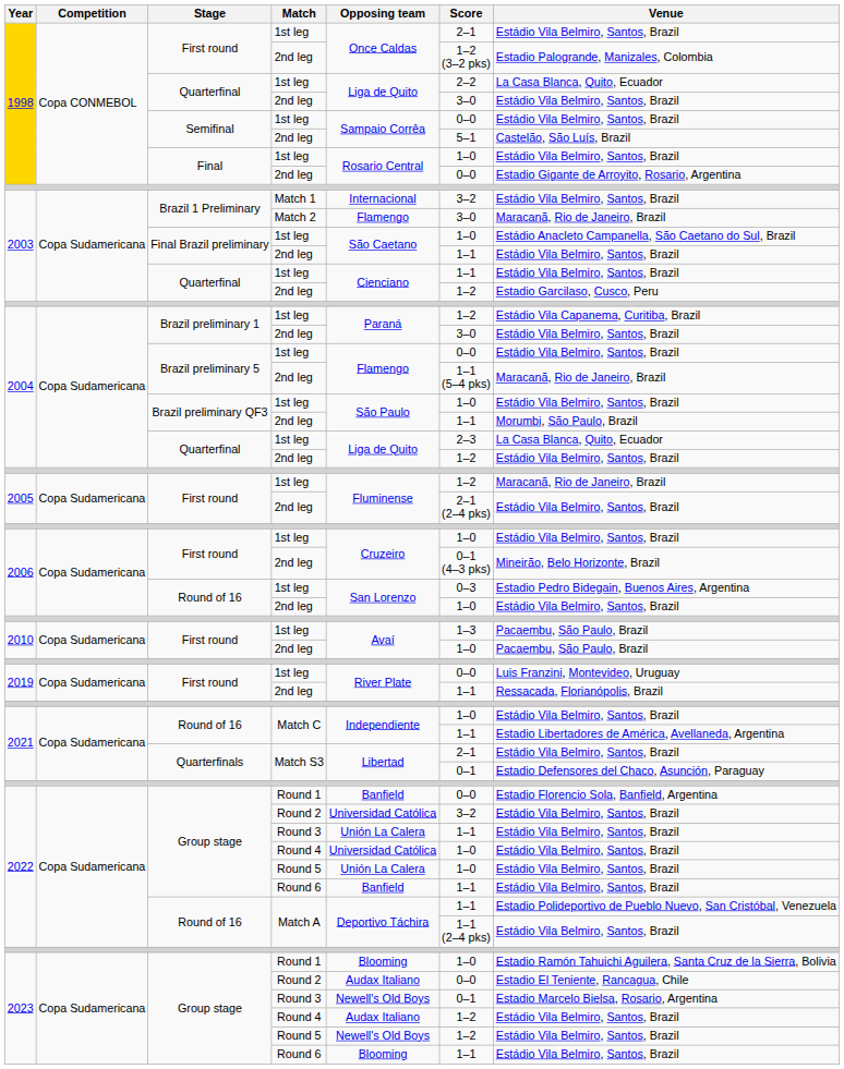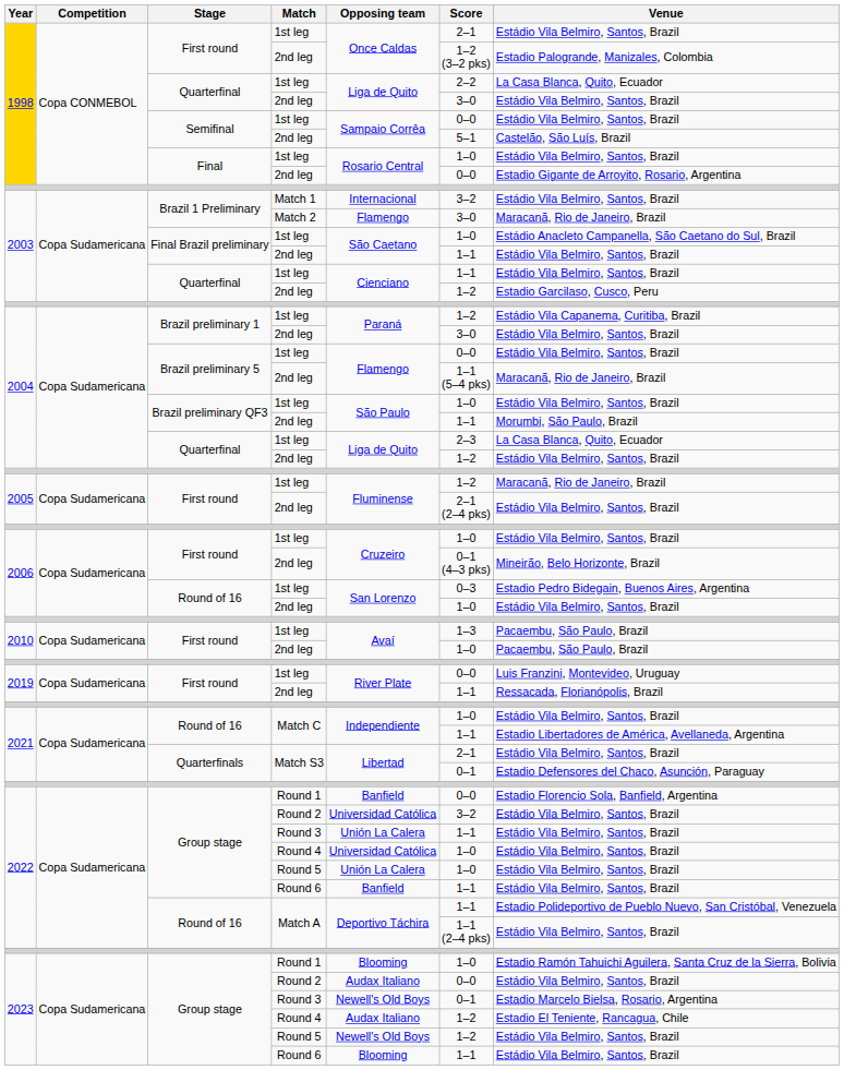 <table class="wikitable" style="font–size: 90%; text–align:left">
 <tr>
 <th>Year</th>
 <th>Competition</th>
 <th>Stage</th>
 <th>Match</th>
 <th>Opposing team</th>
 <th>Score</th>
 <th>Venue</th>
 </tr>
 <tr>
 <td bgcolor=gold rowspan=8><a href='#'>1998</a></td>
 <td rowspan=8>Copa CONMEBOL</td>
 <td rowspan=2 align=center>First round</td>
 <td>1st leg</td>
 <td rowspan=2 align=center> <a href='#'>Once Caldas</a></td>
 <td align=center>2–1</td>
 <td><a href='#'>Estádio Vila Belmiro</a>, <a href='#'>Santos</a>, Brazil</td>
 </tr>
 <tr>
 <td>2nd leg</td>
 <td align=center>1–2<br>(3–2 pks)</td>
 <td><a href='#'>Estadio Palogrande</a>, <a href='#'>Manizales</a>, Colombia</td>
 </tr>
 <tr>
 <td rowspan=2 align=center>Quarterfinal</td>
 <td>1st leg</td>
 <td rowspan=2 align=center> <a href='#'>Liga de Quito</a></td>
 <td align=center>2–2</td>
 <td><a href='#'>La Casa Blanca</a>, <a href='#'>Quito</a>, Ecuador</td>
 </tr>
 <tr>
 <td>2nd leg</td>
 <td align=center>3–0</td>
 <td><a href='#'>Estádio Vila Belmiro</a>, <a href='#'>Santos</a>, Brazil</td>
 </tr>
 <tr>
 <td rowspan=2 align=center>Semifinal</td>
 <td>1st leg</td>
 <td rowspan=2 align=center> <a href='#'>Sampaio Corrêa</a></td>
 <td align=center>0–0</td>
 <td><a href='#'>Estádio Vila Belmiro</a>, <a href='#'>Santos</a>, Brazil</td>
 </tr>
 <tr>
 <td>2nd leg</td>
 <td align=center>5–1</td>
 <td><a href='#'>Castelão</a>, <a href='#'>São Luís</a>, Brazil</td>
 </tr>
 <tr>
 <td rowspan=2 align=center>Final</td>
 <td>1st leg</td>
 <td rowspan=2 align=center> <a href='#'>Rosario Central</a></td>
 <td align=center>1–0</td>
 <td><a href='#'>Estádio Vila Belmiro</a>, <a href='#'>Santos</a>, Brazil</td>
 </tr>
 <tr>
 <td>2nd leg</td>
 <td align=center>0–0</td>
 <td><a href='#'>Estadio Gigante de Arroyito</a>, <a href='#'>Rosario</a>, Argentina</td>
 </tr>
 <tr>
 <td style="background-color:lightgrey" colspan=7></td>
 </tr>
 <tr>
 <td rowspan=6><a href='#'>2003</a></td>
 <td rowspan=6>Copa Sudamericana</td>
 <td rowspan=2 align=center>Brazil 1 Preliminary</td>
 <td>Match 1</td>
 <td align=center> <a href='#'>Internacional</a></td>
 <td align=center>3–2</td>
 <td><a href='#'>Estádio Vila Belmiro</a>, <a href='#'>Santos</a>, Brazil</td>
 </tr>
 <tr>
 <td>Match 2</td>
 <td align=center> <a href='#'>Flamengo</a></td>
 <td align=center>3–0</td>
 <td><a href='#'>Maracanã</a>, <a href='#'>Rio de Janeiro</a>, Brazil</td>
 </tr>
 <tr>
 <td rowspan=2 align=center>Final Brazil preliminary</td>
 <td>1st leg</td>
 <td rowspan=2 align=center> <a href='#'>São Caetano</a></td>
 <td align=center>1–0</td>
 <td><a href='#'>Estádio Anacleto Campanella</a>, <a href='#'>São Caetano do Sul</a>, Brazil</td>
 </tr>
 <tr>
 <td>2nd leg</td>
 <td align=center>1–1</td>
 <td><a href='#'>Estádio Vila Belmiro</a>, <a href='#'>Santos</a>, Brazil</td>
 </tr>
 <tr>
 <td rowspan=2 align=center>Quarterfinal</td>
 <td>1st leg</td>
 <td rowspan=2 align=center> <a href='#'>Cienciano</a></td>
 <td align=center>1–1</td>
 <td><a href='#'>Estádio Vila Belmiro</a>, <a href='#'>Santos</a>, Brazil</td>
 </tr>
 <tr>
 <td>2nd leg</td>
 <td align=center>1–2</td>
 <td><a href='#'>Estadio Garcilaso</a>, <a href='#'>Cusco</a>, Peru</td>
 </tr>
 <tr>
 <td style="background-color:lightgrey" colspan=7></td>
 </tr>
 <tr>
 <td rowspan=8><a href='#'>2004</a></td>
 <td rowspan=8>Copa Sudamericana</td>
 <td rowspan=2 align=center>Brazil preliminary 1</td>
 <td>1st leg</td>
 <td rowspan=2 align=center> <a href='#'>Paraná</a></td>
 <td align=center>1–2</td>
 <td><a href='#'>Estádio Vila Capanema</a>, <a href='#'>Curitiba</a>, Brazil</td>
 </tr>
 <tr>
 <td>2nd leg</td>
 <td align=center>3–0</td>
 <td><a href='#'>Estádio Vila Belmiro</a>, <a href='#'>Santos</a>, Brazil</td>
 </tr>
 <tr>
 <td rowspan=2 align=center>Brazil preliminary 5</td>
 <td>1st leg</td>
 <td rowspan=2 align=center> <a href='#'>Flamengo</a></td>
 <td align=center>0–0</td>
 <td><a href='#'>Estádio Vila Belmiro</a>, <a href='#'>Santos</a>, Brazil</td>
 </tr>
 <tr>
 <td>2nd leg</td>
 <td align=center>1–1<br>(5–4 pks)</td>
 <td><a href='#'>Maracanã</a>, <a href='#'>Rio de Janeiro</a>, Brazil</td>
 </tr>
 <tr>
 <td rowspan=2 align=center>Brazil preliminary QF3</td>
 <td>1st leg</td>
 <td rowspan=2 align=center> <a href='#'>São Paulo</a></td>
 <td align=center>1–0</td>
 <td><a href='#'>Estádio Vila Belmiro</a>, <a href='#'>Santos</a>, Brazil</td>
 </tr>
 <tr>
 <td>2nd leg</td>
 <td align=center>1–1</td>
 <td><a href='#'>Morumbi</a>, <a href='#'>São Paulo</a>, Brazil</td>
 </tr>
 <tr>
 <td rowspan=2 align=center>Quarterfinal</td>
 <td>1st leg</td>
 <td rowspan=2 align=center> <a href='#'>Liga de Quito</a></td>
 <td align=center>2–3</td>
 <td><a href='#'>La Casa Blanca</a>, <a href='#'>Quito</a>, Ecuador</td>
 </tr>
 <tr>
 <td>2nd leg</td>
 <td align=center>1–2</td>
 <td><a href='#'>Estádio Vila Belmiro</a>, <a href='#'>Santos</a>, Brazil</td>
 </tr>
 <tr>
 <td style="background-color:lightgrey" colspan=7></td>
 </tr>
 <tr>
 <td rowspan=2><a href='#'>2005</a></td>
 <td rowspan=2>Copa Sudamericana</td>
 <td rowspan=2 align=center>First round</td>
 <td>1st leg</td>
 <td rowspan=2 align=center> <a href='#'>Fluminense</a></td>
 <td align=center>1–2</td>
 <td><a href='#'>Maracanã</a>, <a href='#'>Rio de Janeiro</a>, Brazil</td>
 </tr>
 <tr>
 <td>2nd leg</td>
 <td align=center>2–1<br>(2–4 pks)</td>
 <td><a href='#'>Estádio Vila Belmiro</a>, <a href='#'>Santos</a>, Brazil</td>
 </tr>
 <tr>
 <td style="background-color:lightgrey" colspan=7></td>
 </tr>
 <tr>
 <td rowspan=4><a href='#'>2006</a></td>
 <td rowspan=4>Copa Sudamericana</td>
 <td rowspan=2 align=center>First round</td>
 <td>1st leg</td>
 <td rowspan=2 align=center> <a href='#'>Cruzeiro</a></td>
 <td align=center>1–0</td>
 <td><a href='#'>Estádio Vila Belmiro</a>, <a href='#'>Santos</a>, Brazil</td>
 </tr>
 <tr>
 <td>2nd leg</td>
 <td align=center>0–1<br>(4–3 pks)</td>
 <td><a href='#'>Mineirão</a>, <a href='#'>Belo Horizonte</a>, Brazil</td>
 </tr>
 <tr>
 <td rowspan=2 align=center>Round of 16</td>
 <td>1st leg</td>
 <td rowspan=2 align=center> <a href='#'>San Lorenzo</a></td>
 <td align=center>0–3</td>
 <td><a href='#'>Estadio Pedro Bidegain</a>, <a href='#'>Buenos Aires</a>, Argentina</td>
 </tr>
 <tr>
 <td>2nd leg</td>
 <td align=center>1–0</td>
 <td><a href='#'>Estádio Vila Belmiro</a>, <a href='#'>Santos</a>, Brazil</td>
 </tr>
 <tr>
 <td style="background-color:lightgrey" colspan=7></td>
 </tr>
 <tr>
 <td rowspan=2><a href='#'>2010</a></td>
 <td rowspan=2>Copa Sudamericana</td>
 <td rowspan=2 align=center>First round</td>
 <td>1st leg</td>
 <td rowspan=2 align=center> <a href='#'>Avaí</a></td>
 <td align=center>1–3</td>
 <td><a href='#'>Pacaembu</a>, <a href='#'>São Paulo</a>, Brazil</td>
 </tr>
 <tr>
 <td>2nd leg</td>
 <td align=center>1–0</td>
 <td><a href='#'>Pacaembu</a>, <a href='#'>São Paulo</a>, Brazil</td>
 </tr>
 <tr>
 <td style="background-color:lightgrey" colspan=7></td>
 </tr>
 <tr>
 <td rowspan=2><a href='#'>2019</a></td>
 <td rowspan=2>Copa Sudamericana</td>
 <td rowspan=2 align=center>First round</td>
 <td>1st leg</td>
 <td rowspan=2 align=center> <a href='#'>River Plate</a></td>
 <td align=center>0–0</td>
 <td><a href='#'>Luis Franzini</a>, <a href='#'>Montevideo</a>, Uruguay</td>
 </tr>
 <tr>
 <td>2nd leg</td>
 <td align=center>1–1</td>
 <td><a href='#'>Ressacada</a>, <a href='#'>Florianópolis</a>, Brazil</td>
 </tr>
 <tr>
 <td style="background-color:lightgrey" colspan=7></td>
 </tr>
 <tr>
 <td rowspan=4><a href='#'>2021</a></td>
 <td rowspan=4>Copa Sudamericana</td>
 <td rowspan=2 align=center>Round of 16</td>
 <td rowspan=2 align=center>Match C</td>
 <td rowspan=2 align=center> <a href='#'>Independiente</a></td>
 <td align=center>1–0</td>
 <td><a href='#'>Estádio Vila Belmiro</a>, <a href='#'>Santos</a>, Brazil</td>
 </tr>
 <tr>
 <td align=center>1–1</td>
 <td><a href='#'>Estadio Libertadores de América</a>, <a href='#'>Avellaneda</a>, Argentina</td>
 </tr>
 <tr>
 <td rowspan=2 align=center>Quarterfinals</td>
 <td rowspan=2 align=center>Match S3</td>
 <td rowspan=2 align=center> <a href='#'>Libertad</a></td>
 <td align=center>2–1</td>
 <td><a href='#'>Estádio Vila Belmiro</a>, <a href='#'>Santos</a>, Brazil</td>
 </tr>
 <tr>
 <td align=center>0–1</td>
 <td><a href='#'>Estadio Defensores del Chaco</a>, <a href='#'>Asunción</a>, Paraguay</td>
 </tr>
 <tr>
 <td style="background-color:lightgrey" colspan=7></td>
 </tr>
 <tr>
 <td rowspan=8><a href='#'>2022</a></td>
 <td rowspan=8>Copa Sudamericana</td>
 <td rowspan=6 align=center>Group stage</td>
 <td align=center>Round 1</td>
 <td align=center> <a href='#'>Banfield</a></td>
 <td align=center>0–0</td>
 <td><a href='#'>Estadio Florencio Sola</a>, <a href='#'>Banfield</a>, Argentina</td>
 </tr>
 <tr>
 <td align=center>Round 2</td>
 <td align=center> <a href='#'>Universidad Católica</a></td>
 <td align=center>3–2</td>
 <td><a href='#'>Estádio Vila Belmiro</a>, <a href='#'>Santos</a>, Brazil</td>
 </tr>
 <tr>
 <td align=center>Round 3</td>
 <td align=center> <a href='#'>Unión La Calera</a></td>
 <td align=center>1–1</td>
 <td><a href='#'>Estádio Vila Belmiro</a>, <a href='#'>Santos</a>, Brazil</td>
 </tr>
 <tr>
 <td align=center>Round 4</td>
 <td align=center> <a href='#'>Universidad Católica</a></td>
 <td align=center>1–0</td>
 <td><a href='#'>Estádio Vila Belmiro</a>, <a href='#'>Santos</a>, Brazil</td>
 </tr>
 <tr>
 <td align=center>Round 5</td>
 <td align=center> <a href='#'>Unión La Calera</a></td>
 <td align=center>1–0</td>
 <td><a href='#'>Estádio Vila Belmiro</a>, <a href='#'>Santos</a>, Brazil</td>
 </tr>
 <tr>
 <td align=center>Round 6</td>
 <td align=center> <a href='#'>Banfield</a></td>
 <td align=center>1–1</td>
 <td><a href='#'>Estádio Vila Belmiro</a>, <a href='#'>Santos</a>, Brazil</td>
 </tr>
 <tr>
 <td rowspan=2 align=center>Round of 16</td>
 <td rowspan=2 align=center>Match A</td>
 <td rowspan=2 align=center> <a href='#'>Deportivo Táchira</a></td>
 <td align=center>1–1</td>
 <td><a href='#'>Estadio Polideportivo de Pueblo Nuevo</a>, <a href='#'>San Cristóbal</a>, Venezuela</td>
 </tr>
 <tr>
 <td align=center>1–1<br>(2–4 pks)</td>
 <td><a href='#'>Estádio Vila Belmiro</a>, <a href='#'>Santos</a>, Brazil</td>
 </tr>
 <tr>
 <td style="background-color:lightgrey" colspan=7></td>
 </tr>
 <tr>
 <td rowspan=6><a href='#'>2023</a></td>
 <td rowspan=6>Copa Sudamericana</td>
 <td rowspan=6 align=center>Group stage</td>
 <td align=center>Round 1</td>
 <td align=center> <a href='#'>Blooming</a></td>
 <td align=center>1–0</td>
 <td><a href='#'>Estadio Ramón Tahuichi Aguilera</a>, <a href='#'>Santa Cruz de la Sierra</a>, Bolivia</td>
 </tr>
 <tr>
 <td align=center>Round 2</td>
 <td align=center> <a href='#'>Audax Italiano</a></td>
 <td align=center>0–0</td>
-<td><a href='#'>Estadio El Teniente</a>, <a href='#'>Rancagua</a>, Chile</td>
+<td><a href='#'>Estádio Vila Belmiro</a>, <a href='#'>Santos</a>, Brazil</td>
 </tr>
 <tr>
 <td align=center>Round 3</td>
 <td align=center> <a href='#'>Newell's Old Boys</a></td>
 <td align=center>0–1</td>
 <td><a href='#'>Estadio Marcelo Bielsa</a>, <a href='#'>Rosario</a>, Argentina</td>
 </tr>
 <tr>
 <td align=center>Round 4</td>
 <td align=center> <a href='#'>Audax Italiano</a></td>
 <td align=center>1–2</td>
-<td><a href='#'>Estádio Vila Belmiro</a>, <a href='#'>Santos</a>, Brazil</td>
+<td><a href='#'>Estadio El Teniente</a>, <a href='#'>Rancagua</a>, Chile</td>
 </tr>
 <tr>
 <td align=center>Round 5</td>
 <td align=center> <a href='#'>Newell's Old Boys</a></td>
 <td align=center>1–2</td>
 <td><a href='#'>Estádio Vila Belmiro</a>, <a href='#'>Santos</a>, Brazil</td>
 </tr>
 <tr>
 <td align=center>Round 6</td>
 <td align=center> <a href='#'>Blooming</a></td>
 <td align=center>1–1</td>
 <td><a href='#'>Estádio Vila Belmiro</a>, <a href='#'>Santos</a>, Brazil</td>
 </tr>
 </table>
